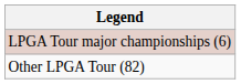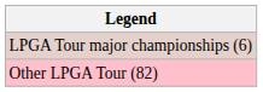 <table class="wikitable" style="font-size:95%;">
 <tr>
 <th>Legend</th>
 </tr>
 <tr style="background:#e5d1cb;">
 <td>LPGA Tour major championships (6)</td>
 </tr>
 <tr>
-<td>Other LPGA Tour (82)</td>
+<td style="background: pink;">Other LPGA Tour (82)</td>
 </tr>
 </table>
